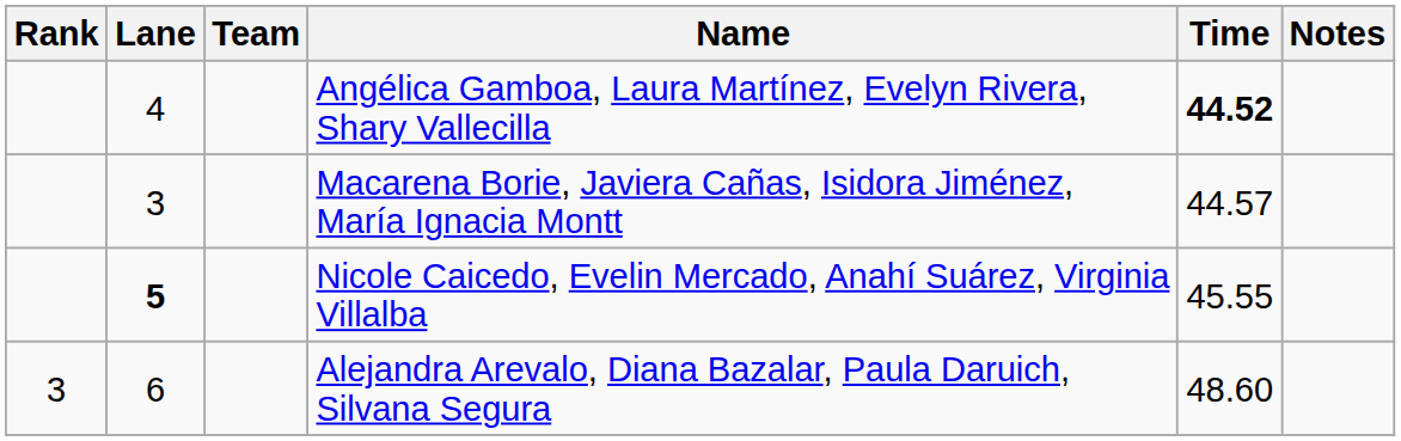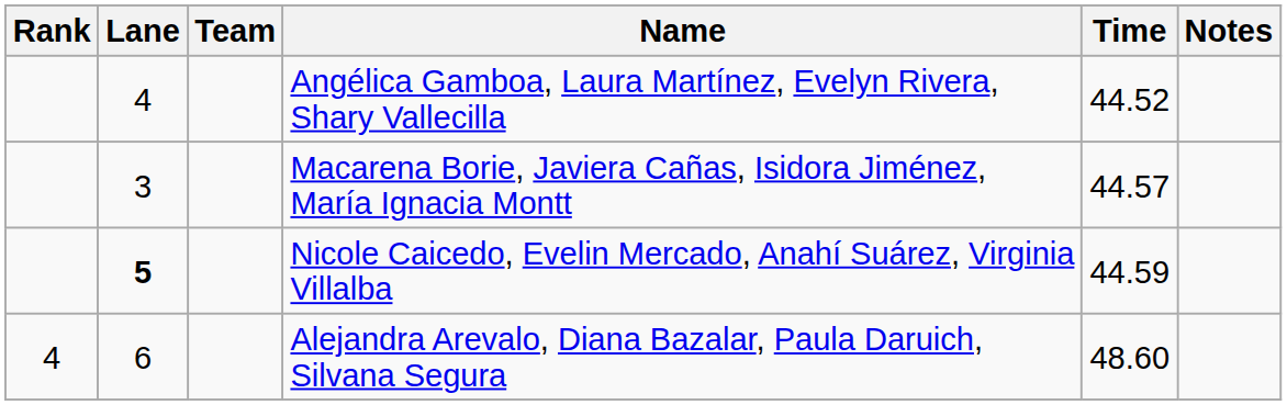 <table class="wikitable sortable" style="text-align:center;font-size:95%">
 <tr>
 <th>Rank</th>
 <th>Lane</th>
 <th>Team</th>
 <th>Name</th>
 <th>Time</th>
 <th>Notes</th>
 </tr>
 <tr>
 <td></td>
 <td>4</td>
 <td align=left></td>
 <td align=left><a href='#'>Angélica Gamboa</a>, <a href='#'>Laura Martínez</a>, <a href='#'>Evelyn Rivera</a>, <a href='#'>Shary Vallecilla</a></td>
-<td><strong>44.52</strong></td>
+<td>44.52</td>
 <td></td>
 </tr>
 <tr>
 <td></td>
 <td>3</td>
 <td align=left></td>
 <td align=left><a href='#'>Macarena Borie</a>, <a href='#'>Javiera Cañas</a>, <a href='#'>Isidora Jiménez</a>, <a href='#'>María Ignacia Montt</a></td>
 <td>44.57</td>
 <td></td>
 </tr>
 <tr>
 <td></td>
 <td><strong>5</strong></td>
 <td align=left></td>
 <td align=left><a href='#'>Nicole Caicedo</a>, <a href='#'>Evelin Mercado</a>, <a href='#'>Anahí Suárez</a>, <a href='#'>Virginia Villalba</a></td>
-<td>45.55</td>
+<td>44.59</td>
 <td></td>
 </tr>
 <tr>
-<td>3</td>
+<td>4</td>
 <td>6</td>
 <td align=left></td>
 <td align=left><a href='#'>Alejandra Arevalo</a>, <a href='#'>Diana Bazalar</a>, <a href='#'>Paula Daruich</a>, <a href='#'>Silvana Segura</a></td>
 <td>48.60</td>
 <td></td>
 </tr>
 </table>
